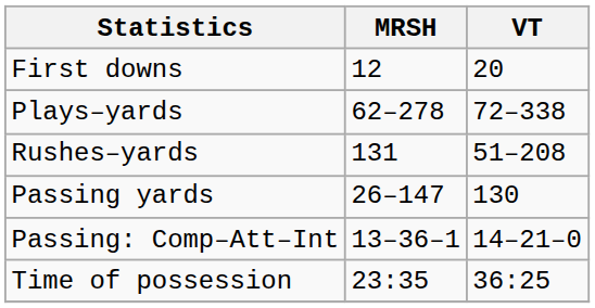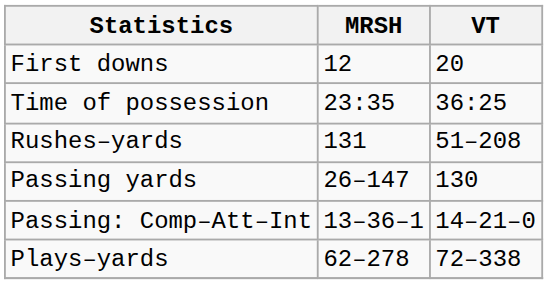 <table class="wikitable" style="float: left;">
 <tr>
 <th>Statistics</th>
 <th>MRSH</th>
 <th>VT</th>
 </tr>
 <tr>
 <td>First downs</td>
 <td>12</td>
 <td>20</td>
 </tr>
 <tr>
-<td>Plays–yards</td>
-<td>62–278</td>
-<td>72–338</td>
+<td>Time of possession</td>
+<td>23:35</td>
+<td>36:25</td>
 </tr>
 <tr>
 <td>Rushes–yards</td>
 <td>131</td>
 <td>51–208</td>
 </tr>
 <tr>
 <td>Passing yards</td>
 <td>26–147</td>
 <td>130</td>
 </tr>
 <tr>
 <td>Passing: Comp–Att–Int</td>
 <td>13–36–1</td>
 <td>14–21–0</td>
 </tr>
 <tr>
-<td>Time of possession</td>
-<td>23:35</td>
-<td>36:25</td>
+<td>Plays–yards</td>
+<td>62–278</td>
+<td>72–338</td>
 </tr>
 <tr>
 </tr>
 </table>
